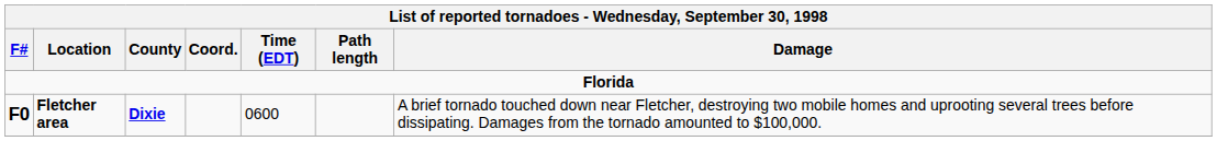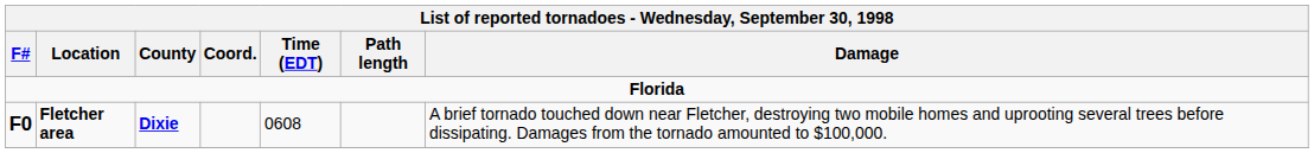 <table class="wikitable collapsible" width="100%">
 <tr>
 <th colspan="7">List of reported tornadoes - Wednesday, September 30, 1998</th>
 </tr>
 <tr>
 <th><a href='#'>F#</a></th>
 <th>Location</th>
 <th>County</th>
 <th>Coord.</th>
 <th>Time (<a href='#'>EDT</a>)</th>
 <th>Path length</th>
 <th>Damage</th>
 </tr>
 <tr>
 <td colspan="7" align=center><strong>Florida</strong></td>
 </tr>
 <tr>
 <td><big><strong>F0</strong></big></td>
 <td><strong>Fletcher area</strong></td>
 <td><strong><a href='#'>Dixie</a></strong></td>
 <td></td>
-<td>0600</td>
+<td>0608</td>
 <td></td>
 <td>A brief tornado touched down near Fletcher, destroying two mobile homes and uprooting several trees before dissipating. Damages from the tornado amounted to $100,000.</td>
 </tr>
 <tr>
 </tr>
 </table>
